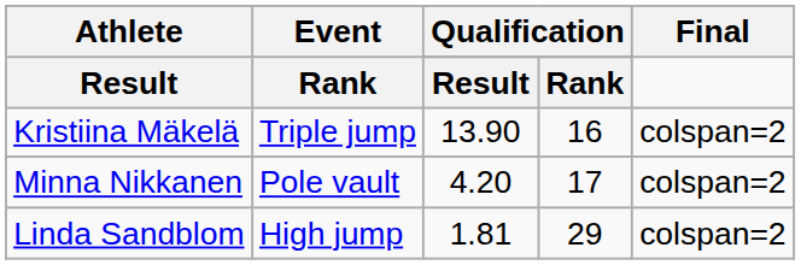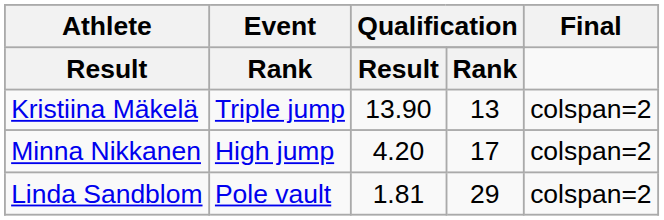 <table class=wikitable style=font-size:90%>
 <tr>
 <th rowspan=2>Athlete</th>
 <th rowspan=2>Event</th>
 <th colspan=2>Qualification</th>
 <th colspan=2>Final</th>
 </tr>
 <tr style=font-size:95%>
 </tr>
 <tr>
 <th>Result</th>
 <th>Rank</th>
 <th>Result</th>
 <th>Rank</th>
 </tr>
 <tr align=center>
 <td align=left><a href='#'>Kristiina Mäkelä</a></td>
 <td align=left><a href='#'>Triple jump</a></td>
 <td>13.90</td>
-<td>16</td>
+<td>13</td>
 <td>colspan=2 </td>
 </tr>
 <tr align=center>
 <td align=left><a href='#'>Minna Nikkanen</a></td>
-<td align=left><a href='#'>Pole vault</a></td>
+<td align=left><a href='#'>High jump</a></td>
 <td>4.20</td>
 <td>17</td>
 <td>colspan=2 </td>
 </tr>
 <tr align=center>
 <td align=left><a href='#'>Linda Sandblom</a></td>
-<td align=left><a href='#'>High jump</a></td>
+<td align=left><a href='#'>Pole vault</a></td>
 <td>1.81</td>
 <td>29</td>
 <td>colspan=2 </td>
 </tr>
 </table>
